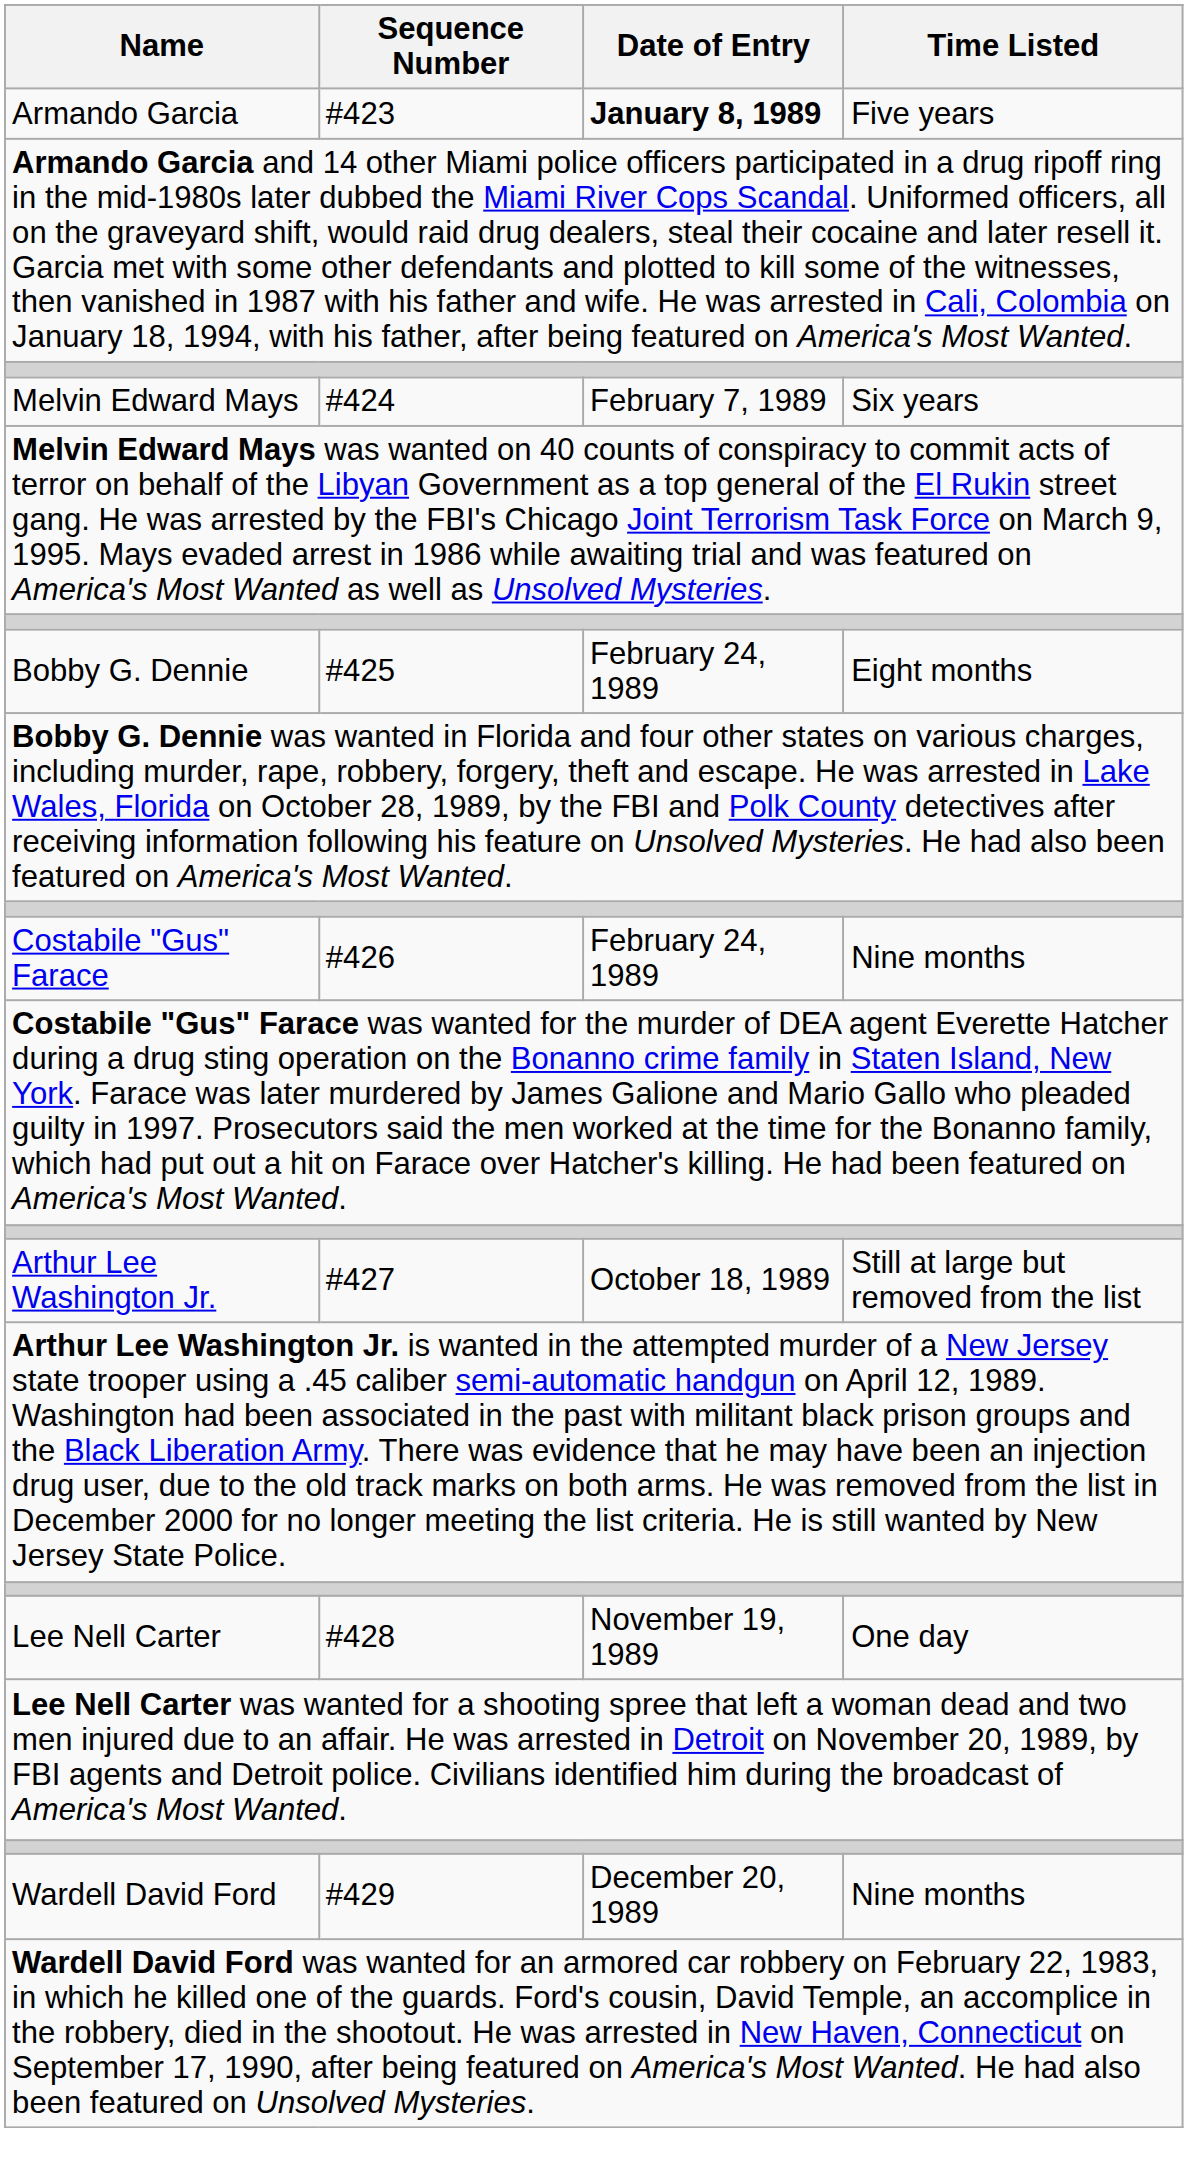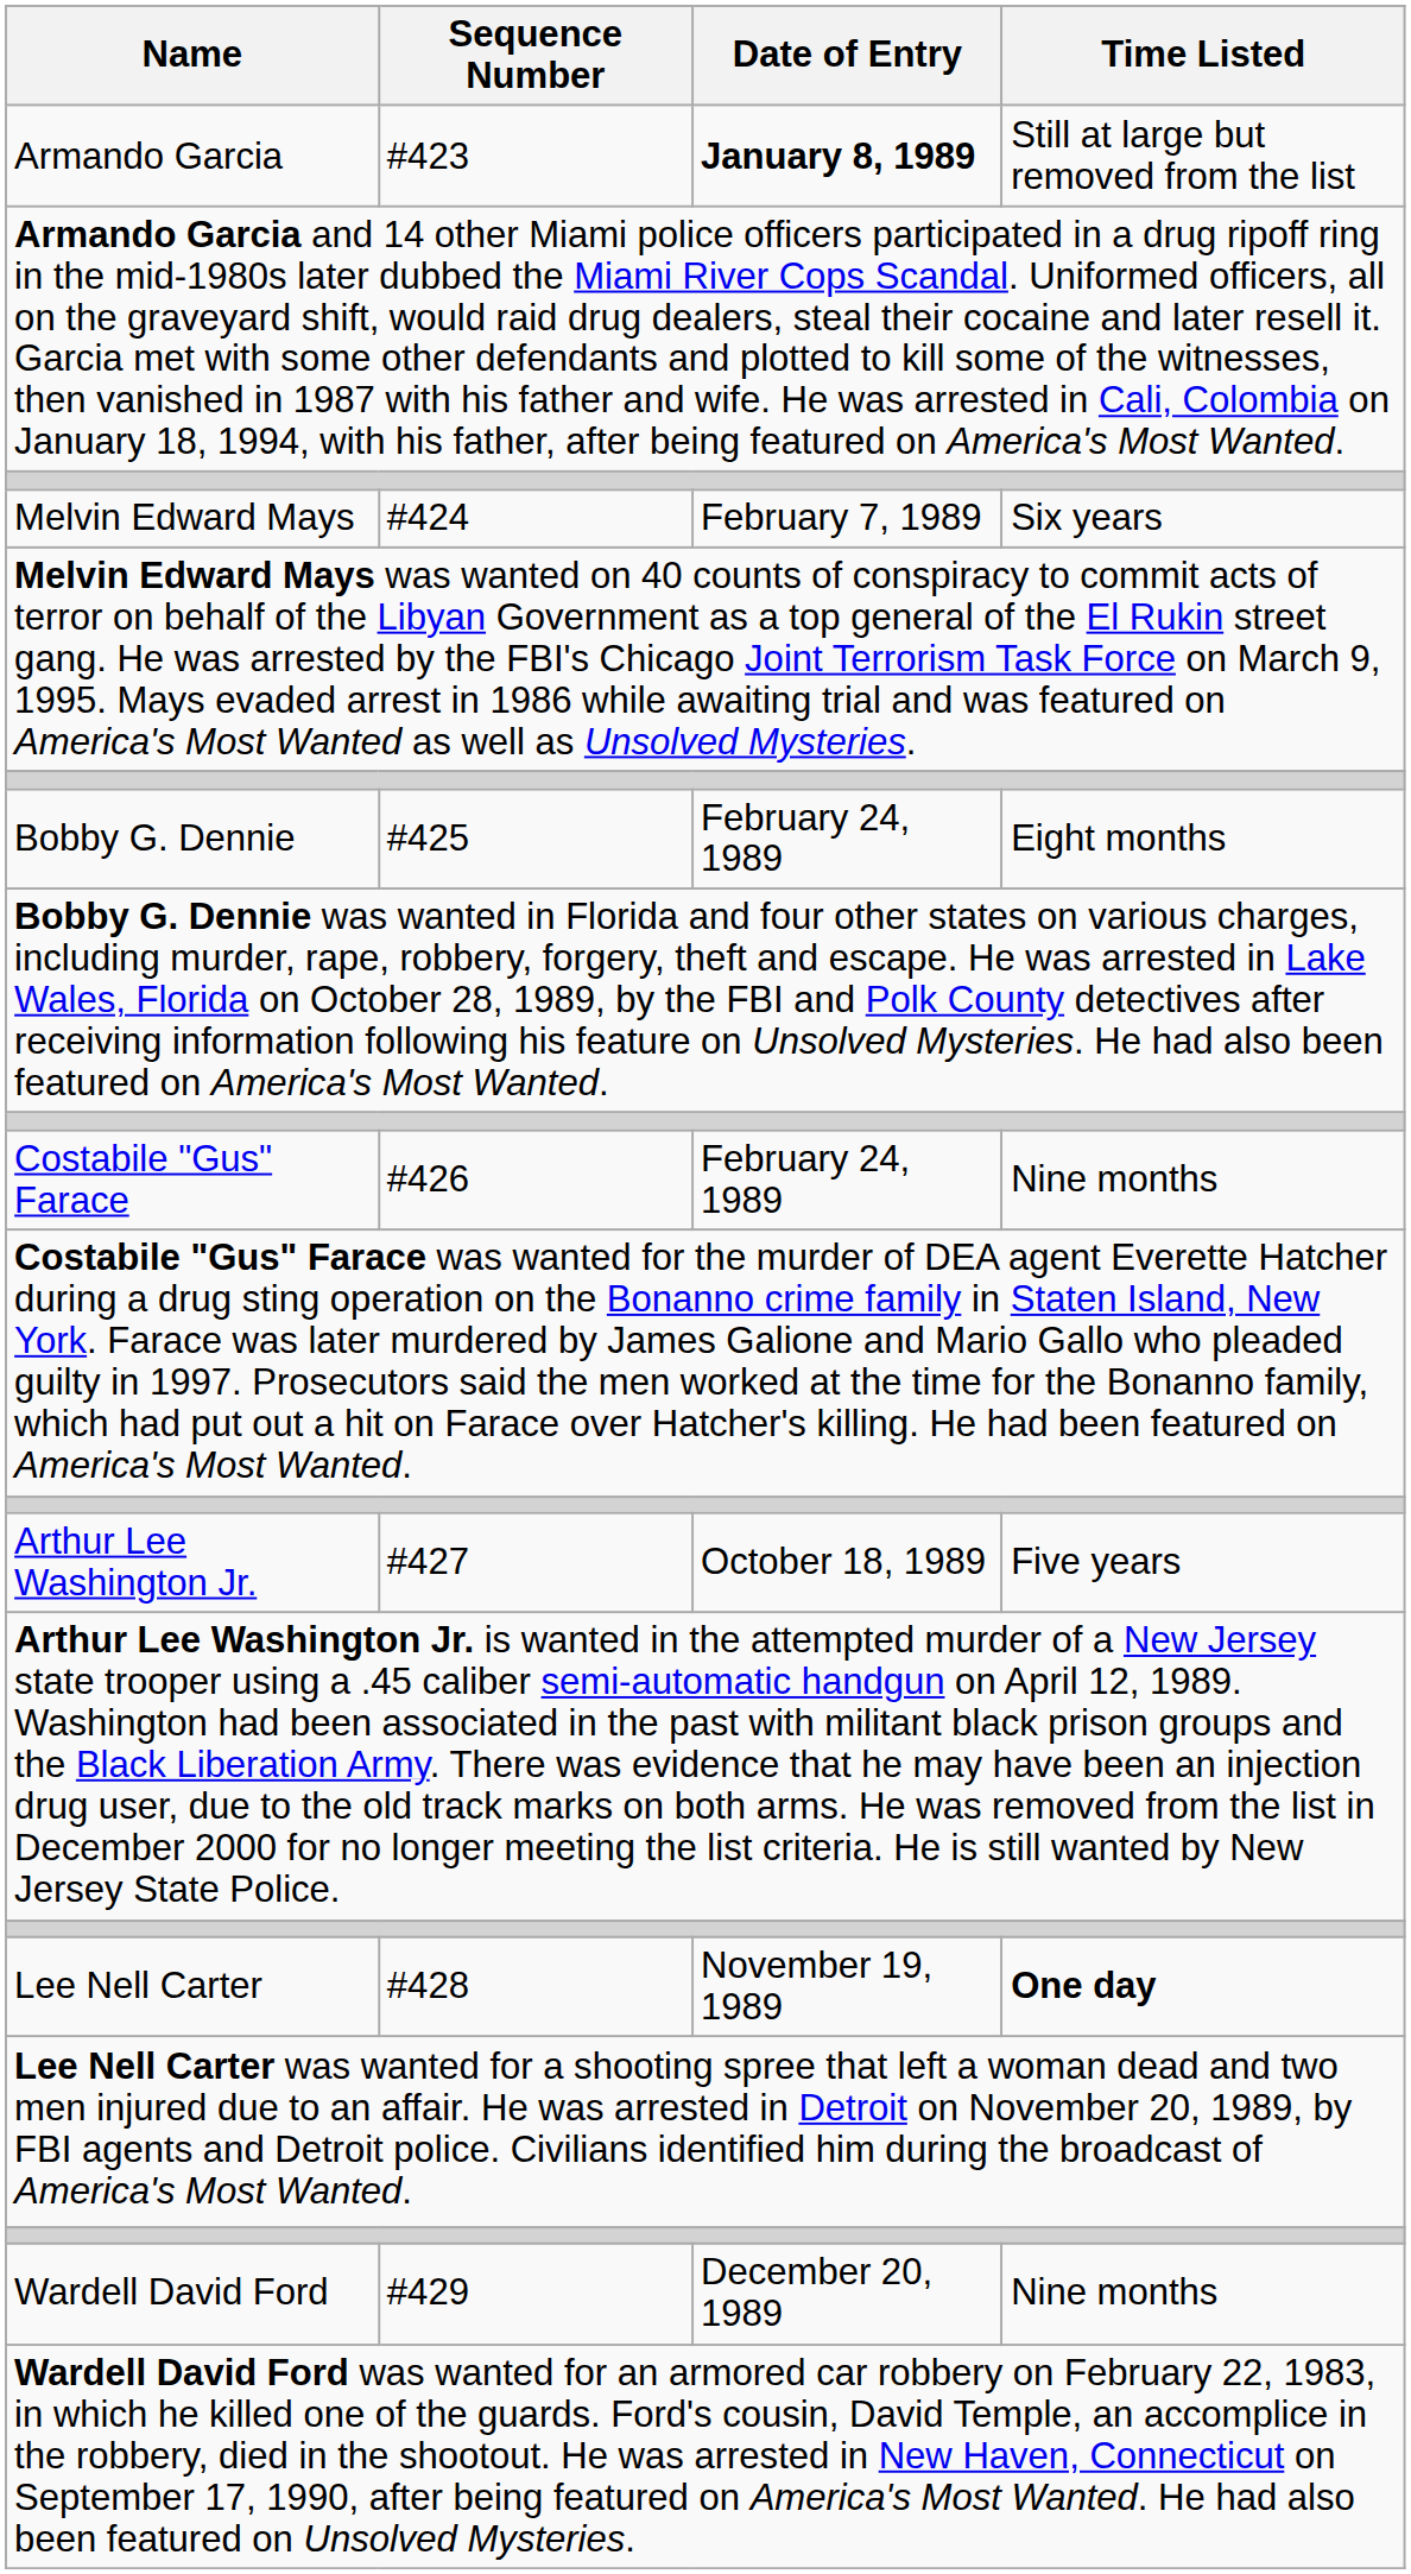 <table class="wikitable">
 <tr>
 <th>Name</th>
 <th>Sequence Number</th>
 <th>Date of Entry</th>
 <th>Time Listed</th>
 </tr>
 <tr>
 <td height="10">Armando Garcia</td>
 <td>#423</td>
 <td><strong>January 8, 1989</strong></td>
-<td>Five years</td>
+<td>Still at large but removed from the list</td>
 </tr>
 <tr>
 <td colspan="4" valign="top" height="75"><strong>Armando Garcia</strong> and 14 other Miami police officers participated in a drug ripoff ring in the mid-1980s later dubbed the <a href='#'>Miami River Cops Scandal</a>. Uniformed officers, all on the graveyard shift, would raid drug dealers, steal their cocaine and later resell it. Garcia met with some other defendants and plotted to kill some of the witnesses, then vanished in 1987 with his father and wife. He was arrested in <a href='#'>Cali, Colombia</a> on January 18, 1994, with his father, after being featured on <em>America's Most Wanted</em>.</td>
 </tr>
 <tr>
 <td colSpan="4" style="background-color:lightgrey;"></td>
 </tr>
 <tr>
 <td height="10">Melvin Edward Mays</td>
 <td>#424</td>
 <td>February 7, 1989</td>
 <td>Six years</td>
 </tr>
 <tr>
 <td colspan="4" valign="top" height="75"><strong>Melvin Edward Mays</strong> was wanted on 40 counts of conspiracy to commit acts of terror on behalf of the <a href='#'>Libyan</a> Government as a top general of the <a href='#'>El Rukin</a> street gang. He was arrested by the FBI's Chicago <a href='#'>Joint Terrorism Task Force</a> on March 9, 1995. Mays evaded arrest in 1986 while awaiting trial and was featured on <em>America's Most Wanted</em> as well as <em><a href='#'>Unsolved Mysteries</a></em>.</td>
 </tr>
 <tr>
 <td colSpan="4" style="background-color:lightgrey;"></td>
 </tr>
 <tr>
 <td height="10">Bobby G. Dennie</td>
 <td>#425</td>
 <td>February 24, 1989</td>
 <td>Eight months</td>
 </tr>
 <tr>
 <td colspan="4" valign="top" height="75"><strong>Bobby G. Dennie</strong> was wanted in Florida and four other states on various charges, including murder, rape, robbery, forgery, theft and escape. He was arrested in <a href='#'>Lake Wales, Florida</a> on October 28, 1989, by the FBI and <a href='#'>Polk County</a> detectives after receiving information following his feature on <em>Unsolved Mysteries</em>. He had also been featured on <em>America's Most Wanted</em>.</td>
 </tr>
 <tr>
 <td colSpan="4" style="background-color:lightgrey;"></td>
 </tr>
 <tr>
 <td height="10"><a href='#'>Costabile "Gus" Farace</a></td>
 <td>#426</td>
 <td>February 24, 1989</td>
 <td>Nine months</td>
 </tr>
 <tr>
 <td colspan="4" valign="top" height="75"><strong>Costabile "Gus" Farace</strong> was wanted for the murder of DEA agent Everette Hatcher during a drug sting operation on the <a href='#'>Bonanno crime family</a> in <a href='#'>Staten Island, New York</a>. Farace was later murdered by James Galione and Mario Gallo who pleaded guilty in 1997. Prosecutors said the men worked at the time for the Bonanno family, which had put out a hit on Farace over Hatcher's killing. He had been featured on <em>America's Most Wanted</em>.</td>
 </tr>
 <tr>
 <td colSpan="4" style="background-color:lightgrey;"></td>
 </tr>
 <tr>
 <td height="10"><a href='#'>Arthur Lee Washington Jr.</a></td>
 <td>#427</td>
 <td>October 18, 1989</td>
-<td>Still at large but removed from the list</td>
+<td>Five years</td>
 </tr>
 <tr>
 <td colspan="4" valign="top" height="75"><strong>Arthur Lee Washington Jr.</strong> is wanted in the attempted murder of a <a href='#'>New Jersey</a> state trooper using a .45 caliber <a href='#'>semi-automatic handgun</a> on April 12, 1989. Washington had been associated in the past with militant black prison groups and the <a href='#'>Black Liberation Army</a>. There was evidence that he may have been an injection drug user, due to the old track marks on both arms. He was removed from the list in December 2000 for no longer meeting the list criteria. He is still wanted by New Jersey State Police.</td>
 </tr>
 <tr>
 <td colSpan="4" style="background-color:lightgrey;"></td>
 </tr>
 <tr>
 <td height="10">Lee Nell Carter</td>
 <td>#428</td>
 <td>November 19, 1989</td>
-<td>One day</td>
+<td><strong>One day</strong></td>
 </tr>
 <tr>
 <td colspan="4" valign="top" height="75"><strong>Lee Nell Carter</strong> was wanted for a shooting spree that left a woman dead and two men injured due to an affair. He was arrested in <a href='#'>Detroit</a> on November 20, 1989, by FBI agents and Detroit police. Civilians identified him during the broadcast of <em>America's Most Wanted</em>.</td>
 </tr>
 <tr>
 <td colSpan="4" style="background-color:lightgrey;"></td>
 </tr>
 <tr>
 <td height="10">Wardell David Ford</td>
 <td>#429</td>
 <td>December 20, 1989</td>
 <td>Nine months</td>
 </tr>
 <tr>
 <td colspan="4" valign="top" height="75"><strong>Wardell David Ford</strong> was wanted for an armored car robbery on February 22, 1983, in which he killed one of the guards. Ford's cousin, David Temple, an accomplice in the robbery, died in the shootout. He was arrested in <a href='#'>New Haven, Connecticut</a> on September 17, 1990, after being featured on <em>America's Most Wanted</em>. He had also been featured on <em>Unsolved Mysteries</em>.</td>
 </tr>
 </table>
